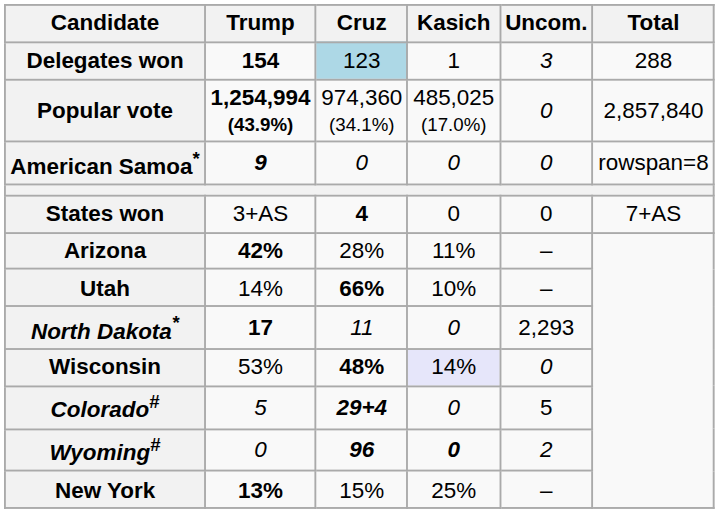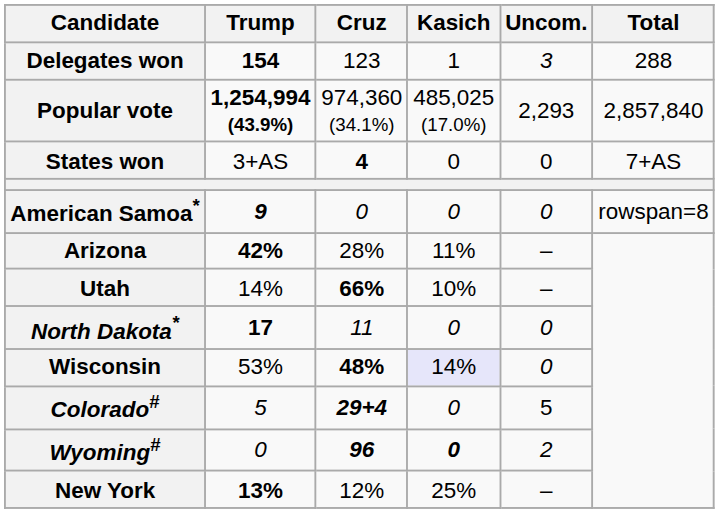 <table class="wikitable" style="font-size:12px; text-align: center;">
 <tr>
 <th>Candidate</th>
 <th><strong>Trump</strong></th>
 <th>Cruz</th>
 <th>Kasich</th>
 <th>Uncom.</th>
 <th>Total</th>
 </tr>
 <tr>
 <th>Delegates won</th>
 <td><strong>154</strong> </td>
-<td style="background: lightblue;"> 123 </td>
+<td> 123 </td>
 <td> 1  </td>
 <td><em>3</em> </td>
 <td>288</td>
 </tr>
 <tr>
 <th>Popular vote    </th>
 <td><strong>1,254,994<br><small>(43.9%)</small></strong> </td>
 <td> 974,360 <br><small>(34.1%)</small>  </td>
 <td> 485,025 <br><small>(17.0%)</small>   </td>
-<td><em>0</em> </td>
+<td> 2,293 <br><small></small></td>
 <td>2,857,840 </td>
+</tr>
+<tr>
+<th>States won</th>
+<td> 3+AS  </td>
+<td><strong>4</strong>   </td>
+<td>0</td>
+<td> 0<br><small></small></td>
+<td>7+AS</td>
+</tr>
+<tr>
+<th colspan="6"></th>
 </tr>
 <tr>
 <th>American Samoa<sup>*</sup></th>
 <td><strong><em>9</em></strong></td>
 <td><em>0</em></td>
 <td><em>0</em></td>
 <td><em>0</em></td>
 <td>rowspan=8 </td>
-</tr>
-<tr>
-<th colspan="6"></th>
-</tr>
-<tr>
-<th>States won</th>
-<td> 3+AS  </td>
-<td><strong>4</strong>   </td>
-<td>0</td>
-<td> 0<br><small></small></td>
-<td>7+AS</td>
 </tr>
 <tr>
 <th>Arizona</th>
 <td><strong>42%</strong></td>
 <td>28%</td>
 <td>11%  </td>
 <td> –</td>
 </tr>
 <tr>
 <th>Utah</th>
 <td>14%</td>
 <td><strong>66%</strong></td>
 <td>10%</td>
 <td> –</td>
 </tr>
 <tr>
 <th><em>North Dakota<sup>*</sup></em></th>
 <td><strong>17</strong></td>
 <td><em>11</em></td>
 <td><em>0</em></td>
-<td> 2,293 <br><small></small></td>
+<td><em>0</em> </td>
 </tr>
 <tr>
 <th>Wisconsin</th>
 <td>53%</td>
 <td><strong>48%</strong></td>
 <td style="background: lavender;">14%</td>
 <td><em>0</em> </td>
 </tr>
 <tr>
 <th><em>Colorado<sup>#</sup></em></th>
 <td><em>5</em></td>
 <td><strong><em>29+4</em></strong></td>
 <td><em>0</em></td>
 <td> 5   </td>
 </tr>
 <tr>
 <th><em>Wyoming<sup>#</sup></em></th>
 <td><em>0</em></td>
 <td><strong><em>96</em></strong> </td>
 <td><strong><em>0</em></strong></td>
 <td><em>2</em> </td>
 </tr>
 <tr>
 <th>New York</th>
 <td><strong>13%</strong></td>
-<td>15%</td>
+<td>12%</td>
 <td>25%</td>
 <td> –</td>
 </tr>
 </table>
